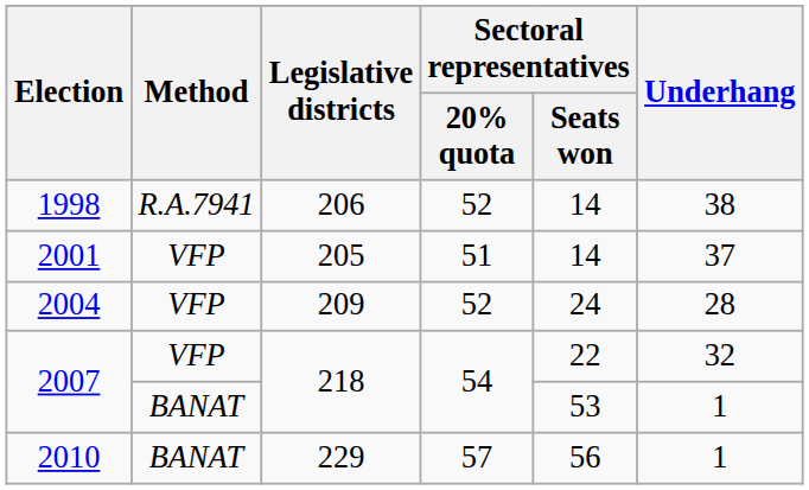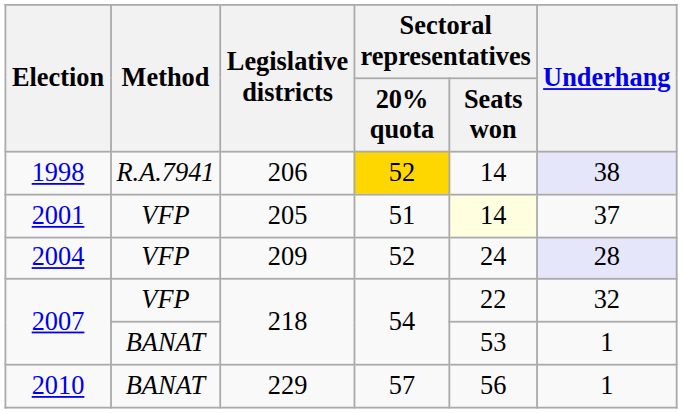 <table class=wikitable align=right style="text-align:center; font-size:92%; margin: 0 0 0.5em 1em" width=320px cellpadding=20px>
 <tr>
 <th rowspan=2>Election</th>
 <th rowspan=2>Method</th>
 <th rowspan=2>Legislative districts</th>
 <th colspan=2>Sectoral representatives</th>
 <th rowspan=2><a href='#'>Underhang</a></th>
 </tr>
 <tr>
 <th>20% quota</th>
 <th>Seats won</th>
 </tr>
 <tr>
 <td><a href='#'>1998</a></td>
 <td><em>R.A.7941</em></td>
 <td>206</td>
-<td>52</td>
+<td style="background: gold;">52</td>
 <td>14</td>
-<td>38</td>
+<td style="background: lavender;">38</td>
 </tr>
 <tr>
 <td><a href='#'>2001</a></td>
 <td><em>VFP</em></td>
 <td>205</td>
 <td>51</td>
-<td>14</td>
+<td style="background: lightyellow;">14</td>
 <td>37</td>
 </tr>
 <tr>
 <td><a href='#'>2004</a></td>
 <td><em>VFP</em></td>
 <td>209</td>
 <td>52</td>
 <td>24</td>
-<td>28</td>
+<td style="background: lavender;">28</td>
 </tr>
 <tr>
 <td rowspan=2><a href='#'>2007</a></td>
 <td><em>VFP</em></td>
 <td rowspan=2>218</td>
 <td rowspan=2>54</td>
 <td>22</td>
 <td>32</td>
 </tr>
 <tr>
 <td><em>BANAT</em></td>
 <td>53</td>
 <td>1</td>
 </tr>
 <tr>
 <td><a href='#'>2010</a></td>
 <td><em>BANAT</em></td>
 <td>229</td>
 <td>57</td>
 <td>56</td>
 <td>1</td>
 </tr>
 </table>
